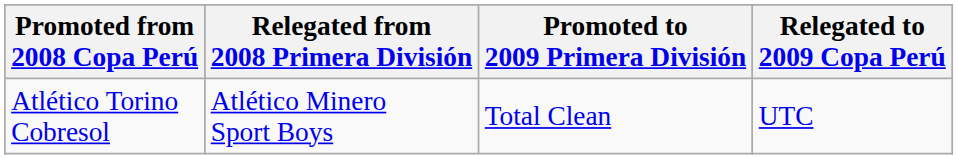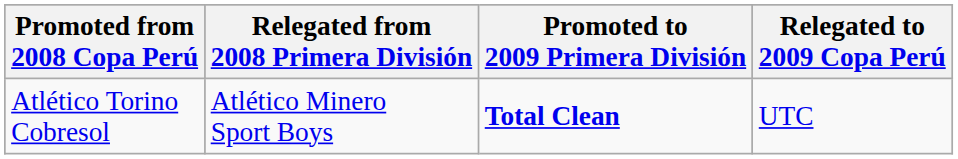 <table class="wikitable">
 <tr>
 <th>Promoted from<br><a href='#'>2008 Copa Perú</a></th>
 <th>Relegated from<br><a href='#'>2008 Primera División</a></th>
 <th>Promoted to<br><a href='#'>2009 Primera División</a></th>
 <th>Relegated to<br><a href='#'>2009 Copa Perú</a></th>
 </tr>
 <tr>
 <td> <a href='#'>Atlético Torino</a> <br> <a href='#'>Cobresol</a> </td>
 <td> <a href='#'>Atlético Minero</a> <br> <a href='#'>Sport Boys</a> </td>
-<td> <a href='#'>Total Clean</a> </td>
+<td><strong> <a href='#'>Total Clean</a> </strong></td>
 <td> <a href='#'>UTC</a> </td>
 </tr>
 </table>
